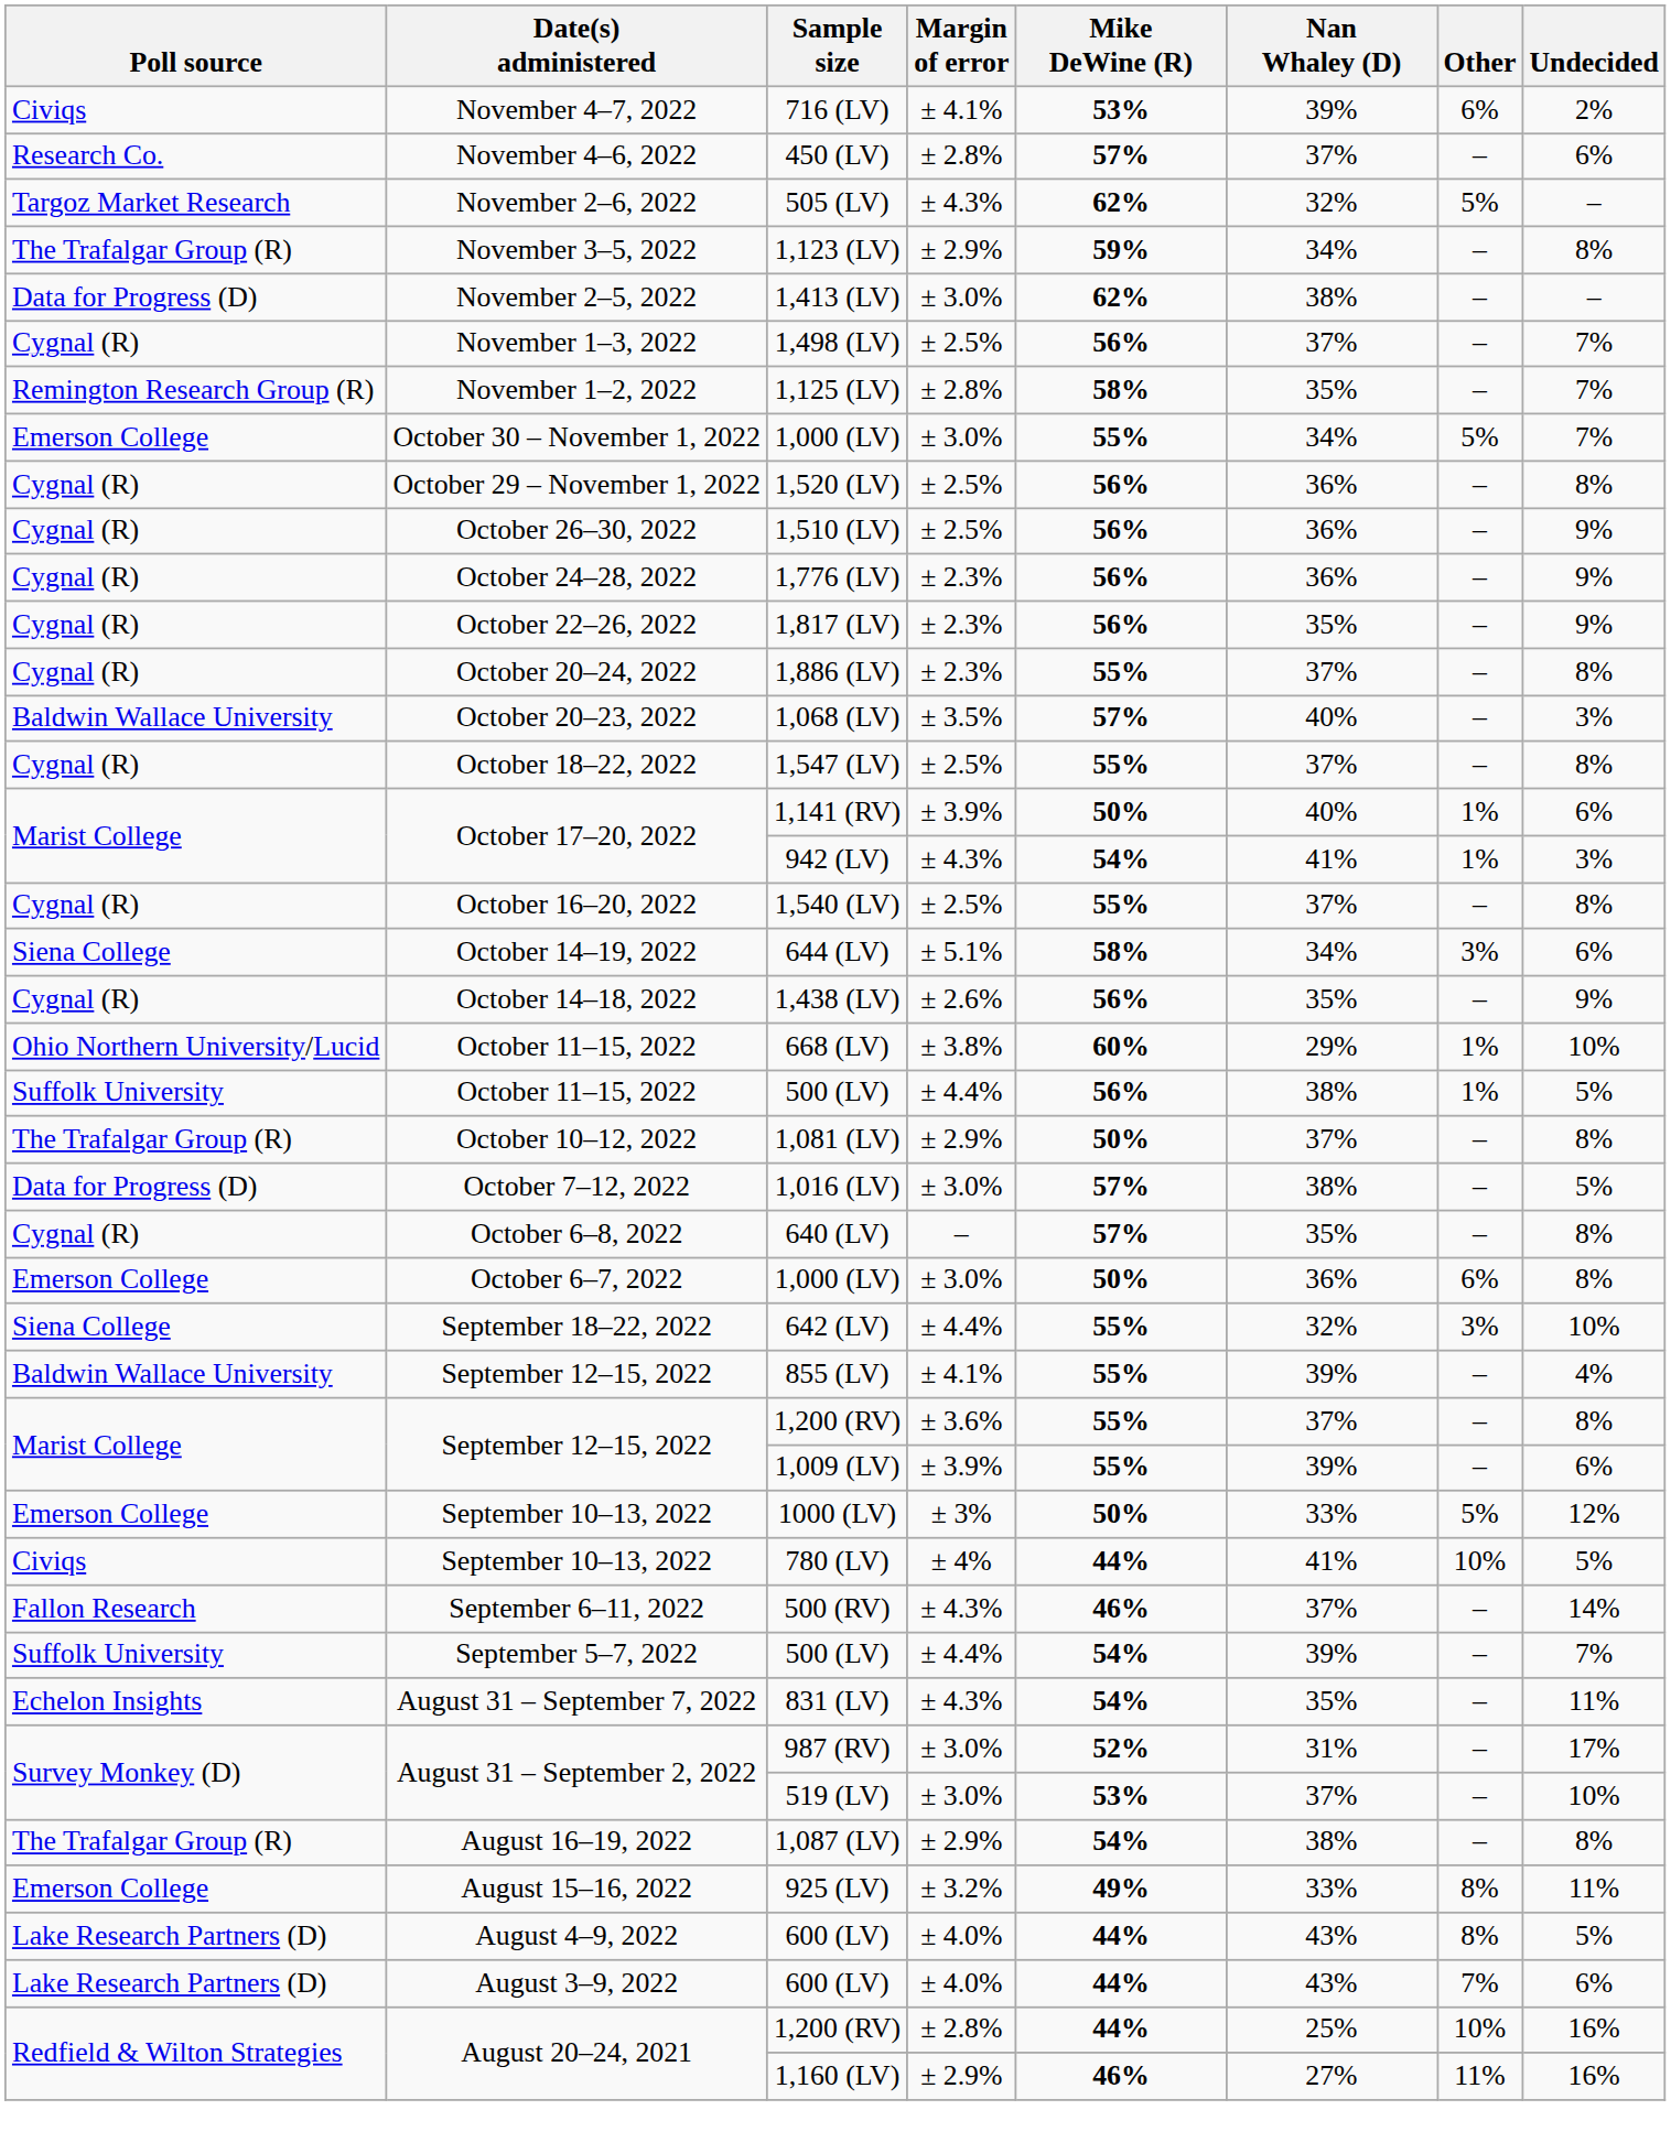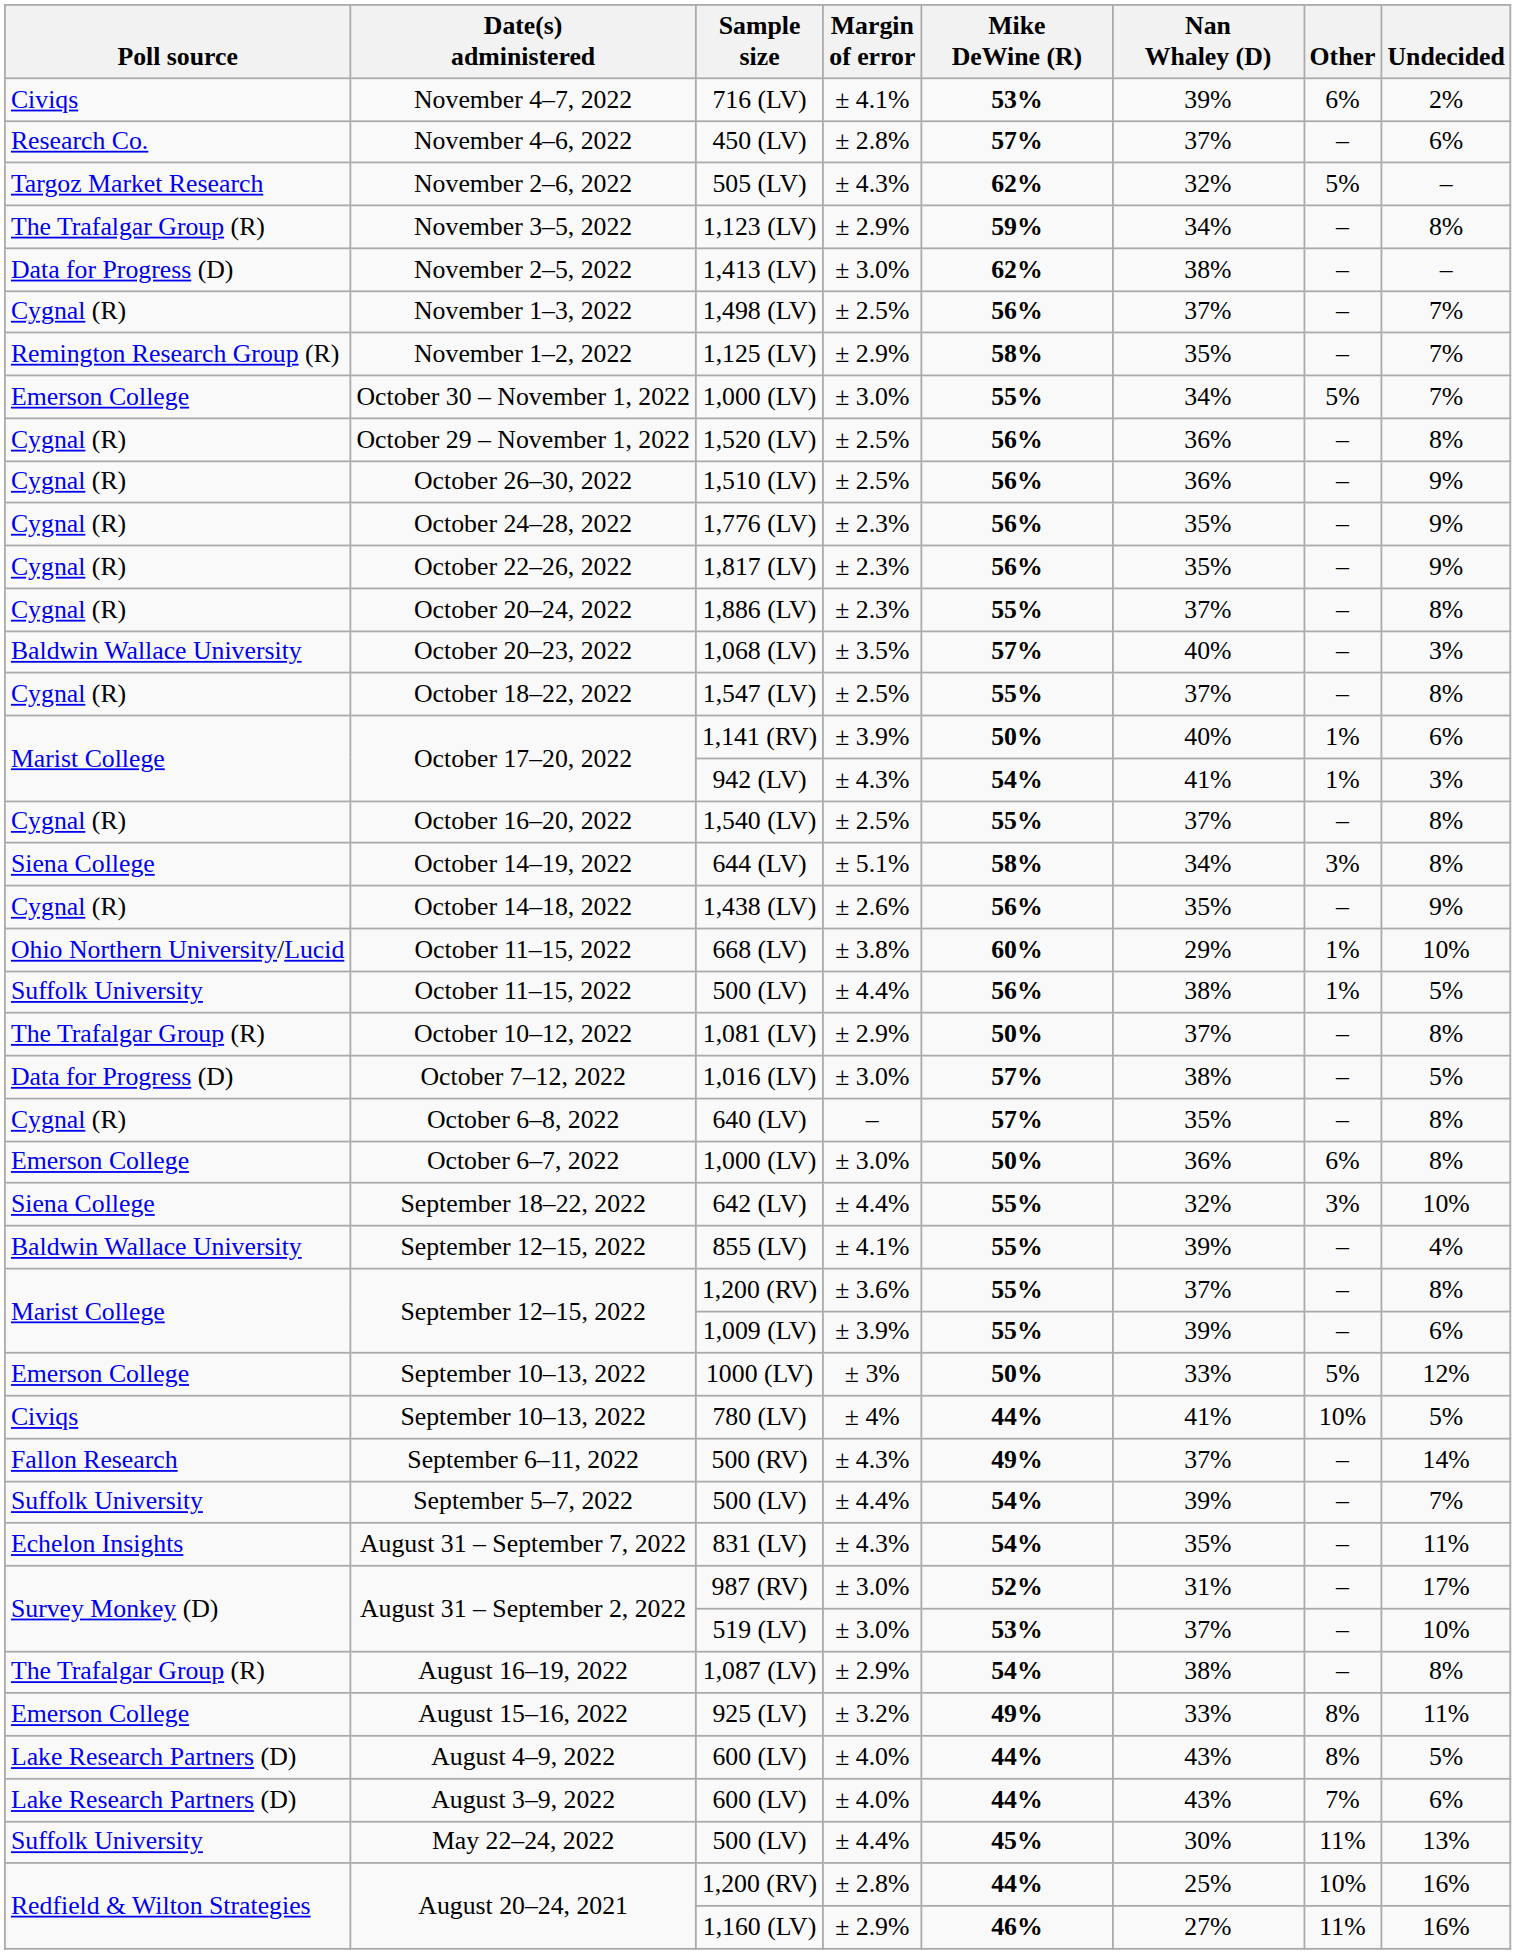 <table class="wikitable" style="font-size:90%;text-align:center;">
 <tr valign=bottom>
 <th>Poll source</th>
 <th>Date(s)<br>administered</th>
 <th>Sample<br>size</th>
 <th>Margin<br>of error</th>
 <th style="width:100px;">Mike<br>DeWine (R)</th>
 <th style="width:100px;">Nan<br>Whaley (D)</th>
 <th>Other</th>
 <th>Undecided</th>
 </tr>
 <tr>
 <td style="text-align:left;"><a href='#'>Civiqs</a></td>
 <td>November 4–7, 2022</td>
 <td>716 (LV)</td>
 <td>± 4.1%</td>
 <td><strong>53%</strong></td>
 <td>39%</td>
 <td>6%</td>
 <td>2%</td>
 </tr>
 <tr>
 <td style="text-align:left;"><a href='#'>Research Co.</a></td>
 <td>November 4–6, 2022</td>
 <td>450 (LV)</td>
 <td>± 2.8%</td>
 <td><strong>57%</strong></td>
 <td>37%</td>
 <td>–</td>
 <td>6%</td>
 </tr>
 <tr>
 <td style="text-align:left;"><a href='#'>Targoz Market Research</a></td>
 <td>November 2–6, 2022</td>
 <td>505 (LV)</td>
 <td>± 4.3%</td>
 <td><strong>62%</strong></td>
 <td>32%</td>
 <td>5%</td>
 <td>–</td>
 </tr>
 <tr>
 <td style="text-align:left;"><a href='#'>The Trafalgar Group</a> (R)</td>
 <td>November 3–5, 2022</td>
 <td>1,123 (LV)</td>
 <td>± 2.9%</td>
 <td><strong>59%</strong></td>
 <td>34%</td>
 <td>–</td>
 <td>8%</td>
 </tr>
 <tr>
 <td style="text-align:left;"><a href='#'>Data for Progress</a> (D)</td>
 <td>November 2–5, 2022</td>
 <td>1,413 (LV)</td>
 <td>± 3.0%</td>
 <td><strong>62%</strong></td>
 <td>38%</td>
 <td>–</td>
 <td>–</td>
 </tr>
 <tr>
 <td style="text-align:left;"><a href='#'>Cygnal</a> (R)</td>
 <td>November 1–3, 2022</td>
 <td>1,498 (LV)</td>
 <td>± 2.5%</td>
 <td><strong>56%</strong></td>
 <td>37%</td>
 <td>–</td>
 <td>7%</td>
 </tr>
 <tr>
 <td style="text-align:left;"><a href='#'>Remington Research Group</a> (R)</td>
 <td>November 1–2, 2022</td>
 <td>1,125 (LV)</td>
-<td>± 2.8%</td>
+<td>± 2.9%</td>
 <td><strong>58%</strong></td>
 <td>35%</td>
 <td>–</td>
 <td>7%</td>
 </tr>
 <tr>
 <td style="text-align:left;"><a href='#'>Emerson College</a></td>
 <td>October 30 – November 1, 2022</td>
 <td>1,000 (LV)</td>
 <td>± 3.0%</td>
 <td><strong>55%</strong></td>
 <td>34%</td>
 <td>5%</td>
 <td>7%</td>
 </tr>
 <tr>
 <td style="text-align:left;"><a href='#'>Cygnal</a> (R)</td>
 <td>October 29 – November 1, 2022</td>
 <td>1,520 (LV)</td>
 <td>± 2.5%</td>
 <td><strong>56%</strong></td>
 <td>36%</td>
 <td>–</td>
 <td>8%</td>
 </tr>
 <tr>
 <td style="text-align:left;"><a href='#'>Cygnal</a> (R)</td>
 <td>October 26–30, 2022</td>
 <td>1,510 (LV)</td>
 <td>± 2.5%</td>
 <td><strong>56%</strong></td>
 <td>36%</td>
 <td>–</td>
 <td>9%</td>
 </tr>
 <tr>
 <td style="text-align:left;"><a href='#'>Cygnal</a> (R)</td>
 <td>October 24–28, 2022</td>
 <td>1,776 (LV)</td>
 <td>± 2.3%</td>
 <td><strong>56%</strong></td>
-<td>36%</td>
+<td>35%</td>
 <td>–</td>
 <td>9%</td>
 </tr>
 <tr>
 <td style="text-align:left;"><a href='#'>Cygnal</a> (R)</td>
 <td>October 22–26, 2022</td>
 <td>1,817 (LV)</td>
 <td>± 2.3%</td>
 <td><strong>56%</strong></td>
 <td>35%</td>
 <td>–</td>
 <td>9%</td>
 </tr>
 <tr>
 <td style="text-align:left;"><a href='#'>Cygnal</a> (R)</td>
 <td>October 20–24, 2022</td>
 <td>1,886 (LV)</td>
 <td>± 2.3%</td>
 <td><strong>55%</strong></td>
 <td>37%</td>
 <td>–</td>
 <td>8%</td>
 </tr>
 <tr>
 <td style="text-align:left;"><a href='#'>Baldwin Wallace University</a></td>
 <td>October 20–23, 2022</td>
 <td>1,068 (LV)</td>
 <td>± 3.5%</td>
 <td><strong>57%</strong></td>
 <td>40%</td>
 <td>–</td>
 <td>3%</td>
 </tr>
 <tr>
 <td style="text-align:left;"><a href='#'>Cygnal</a> (R)</td>
 <td>October 18–22, 2022</td>
 <td>1,547 (LV)</td>
 <td>± 2.5%</td>
 <td><strong>55%</strong></td>
 <td>37%</td>
 <td>–</td>
 <td>8%</td>
 </tr>
 <tr>
 <td style="text-align:left;" rowspan="2"><a href='#'>Marist College</a></td>
 <td rowspan="2">October 17–20, 2022</td>
 <td>1,141 (RV)</td>
 <td>± 3.9%</td>
 <td><strong>50%</strong></td>
 <td>40%</td>
 <td>1%</td>
 <td>6%</td>
 </tr>
 <tr>
 <td>942 (LV)</td>
 <td>± 4.3%</td>
 <td><strong>54%</strong></td>
 <td>41%</td>
 <td>1%</td>
 <td>3%</td>
 </tr>
 <tr>
 <td style="text-align:left;"><a href='#'>Cygnal</a> (R)</td>
 <td>October 16–20, 2022</td>
 <td>1,540 (LV)</td>
 <td>± 2.5%</td>
 <td><strong>55%</strong></td>
 <td>37%</td>
 <td>–</td>
 <td>8%</td>
 </tr>
 <tr>
 <td style="text-align:left;"><a href='#'>Siena College</a></td>
 <td>October 14–19, 2022</td>
 <td>644 (LV)</td>
 <td>± 5.1%</td>
 <td><strong>58%</strong></td>
 <td>34%</td>
 <td>3%</td>
-<td>6%</td>
+<td>8%</td>
 </tr>
 <tr>
 <td style="text-align:left;"><a href='#'>Cygnal</a> (R)</td>
 <td>October 14–18, 2022</td>
 <td>1,438 (LV)</td>
 <td>± 2.6%</td>
 <td><strong>56%</strong></td>
 <td>35%</td>
 <td>–</td>
 <td>9%</td>
 </tr>
 <tr>
 <td style="text-align:left;"><a href='#'>Ohio Northern University</a>/<a href='#'>Lucid</a></td>
 <td>October 11–15, 2022</td>
 <td>668 (LV)</td>
 <td>± 3.8%</td>
 <td><strong>60%</strong></td>
 <td>29%</td>
 <td>1%</td>
 <td>10%</td>
 </tr>
 <tr>
 <td style="text-align:left;"><a href='#'>Suffolk University</a></td>
 <td>October 11–15, 2022</td>
 <td>500 (LV)</td>
 <td>± 4.4%</td>
 <td><strong>56%</strong></td>
 <td>38%</td>
 <td>1%</td>
 <td>5%</td>
 </tr>
 <tr>
 <td style="text-align:left;"><a href='#'>The Trafalgar Group</a> (R)</td>
 <td>October 10–12, 2022</td>
 <td>1,081 (LV)</td>
 <td>± 2.9%</td>
 <td><strong>50%</strong></td>
 <td>37%</td>
 <td>–</td>
 <td>8%</td>
 </tr>
 <tr>
 <td style="text-align:left;"><a href='#'>Data for Progress</a> (D)</td>
 <td>October 7–12, 2022</td>
 <td>1,016 (LV)</td>
 <td>± 3.0%</td>
 <td><strong>57%</strong></td>
 <td>38%</td>
 <td>–</td>
 <td>5%</td>
 </tr>
 <tr>
 <td style="text-align:left;"><a href='#'>Cygnal</a> (R)</td>
 <td>October 6–8, 2022</td>
 <td>640 (LV)</td>
 <td>–</td>
 <td><strong>57%</strong></td>
 <td>35%</td>
 <td>–</td>
 <td>8%</td>
 </tr>
 <tr>
 <td style="text-align:left;"><a href='#'>Emerson College</a></td>
 <td>October 6–7, 2022</td>
 <td>1,000 (LV)</td>
 <td>± 3.0%</td>
 <td><strong>50%</strong></td>
 <td>36%</td>
 <td>6%</td>
 <td>8%</td>
 </tr>
 <tr>
 <td style="text-align:left;"><a href='#'>Siena College</a></td>
 <td>September 18–22, 2022</td>
 <td>642 (LV)</td>
 <td>± 4.4%</td>
 <td><strong>55%</strong></td>
 <td>32%</td>
 <td>3%</td>
 <td>10%</td>
 </tr>
 <tr>
 <td style="text-align:left;"><a href='#'>Baldwin Wallace University</a></td>
 <td>September 12–15, 2022</td>
 <td>855 (LV)</td>
 <td>± 4.1%</td>
 <td><strong>55%</strong></td>
 <td>39%</td>
 <td>–</td>
 <td>4%</td>
 </tr>
 <tr>
 <td style="text-align:left;" rowspan="2"><a href='#'>Marist College</a></td>
 <td rowspan="2">September 12–15, 2022</td>
 <td>1,200 (RV)</td>
 <td>± 3.6%</td>
 <td><strong>55%</strong></td>
 <td>37%</td>
 <td>–</td>
 <td>8%</td>
 </tr>
 <tr>
 <td>1,009 (LV)</td>
 <td>± 3.9%</td>
 <td><strong>55%</strong></td>
 <td>39%</td>
 <td>–</td>
 <td>6%</td>
 </tr>
 <tr>
 <td style="text-align:left;"><a href='#'>Emerson College</a></td>
 <td>September 10–13, 2022</td>
 <td>1000 (LV)</td>
 <td>± 3%</td>
 <td><strong>50%</strong></td>
 <td>33%</td>
 <td>5%</td>
 <td>12%</td>
 </tr>
 <tr>
 <td style="text-align:left;"><a href='#'>Civiqs</a></td>
 <td>September 10–13, 2022</td>
 <td>780 (LV)</td>
 <td>± 4%</td>
 <td><strong>44%</strong></td>
 <td>41%</td>
 <td>10%</td>
 <td>5%</td>
 </tr>
 <tr>
 <td style="text-align:left;"><a href='#'>Fallon Research</a></td>
 <td>September 6–11, 2022</td>
 <td>500 (RV)</td>
 <td>± 4.3%</td>
-<td><strong>46%</strong></td>
+<td><strong>49%</strong></td>
 <td>37%</td>
 <td>–</td>
 <td>14%</td>
 </tr>
 <tr>
 <td style="text-align:left;"><a href='#'>Suffolk University</a></td>
 <td>September 5–7, 2022</td>
 <td>500 (LV)</td>
 <td>± 4.4%</td>
 <td><strong>54%</strong></td>
 <td>39%</td>
 <td>–</td>
 <td>7%</td>
 </tr>
 <tr>
 <td style="text-align:left;"><a href='#'>Echelon Insights</a></td>
 <td>August 31 – September 7, 2022</td>
 <td>831 (LV)</td>
 <td>± 4.3%</td>
 <td><strong>54%</strong></td>
 <td>35%</td>
 <td>–</td>
 <td>11%</td>
 </tr>
 <tr>
 <td style="text-align:left;" rowspan="2"><a href='#'>Survey Monkey</a> (D)</td>
 <td rowspan="2">August 31 – September 2, 2022</td>
 <td>987 (RV)</td>
 <td>± 3.0%</td>
 <td><strong>52%</strong></td>
 <td>31%</td>
 <td>–</td>
 <td>17%</td>
 </tr>
 <tr>
 <td>519 (LV)</td>
 <td>± 3.0%</td>
 <td><strong>53%</strong></td>
 <td>37%</td>
 <td>–</td>
 <td>10%</td>
 </tr>
 <tr>
 <td style="text-align:left;"><a href='#'>The Trafalgar Group</a> (R)</td>
 <td>August 16–19, 2022</td>
 <td>1,087 (LV)</td>
 <td>± 2.9%</td>
 <td><strong>54%</strong></td>
 <td>38%</td>
 <td>–</td>
 <td>8%</td>
 </tr>
 <tr>
 <td style="text-align:left;"><a href='#'>Emerson College</a></td>
 <td>August 15–16, 2022</td>
 <td>925 (LV)</td>
 <td>± 3.2%</td>
 <td><strong>49%</strong></td>
 <td>33%</td>
 <td>8%</td>
 <td>11%</td>
 </tr>
 <tr>
 <td style="text-align:left;"><a href='#'>Lake Research Partners</a> (D)</td>
 <td>August 4–9, 2022</td>
 <td>600 (LV)</td>
 <td>± 4.0%</td>
 <td><strong>44%</strong></td>
 <td>43%</td>
 <td>8%</td>
 <td>5%</td>
 </tr>
 <tr>
 <td style="text-align:left;"><a href='#'>Lake Research Partners</a> (D)</td>
 <td>August 3–9, 2022</td>
 <td>600 (LV)</td>
 <td>± 4.0%</td>
 <td><strong>44%</strong></td>
 <td>43%</td>
 <td>7%</td>
 <td>6%</td>
 </tr>
 <tr>
+<td style="text-align:left;"><a href='#'>Suffolk University</a></td>
+<td>May 22–24, 2022</td>
+<td>500 (LV)</td>
+<td>± 4.4%</td>
+<td><strong>45%</strong></td>
+<td>30%</td>
+<td>11%</td>
+<td>13%</td>
+</tr>
+<tr>
 <td style="text-align:left;" rowspan="2"><a href='#'>Redfield & Wilton Strategies</a></td>
 <td rowspan="2">August 20–24, 2021</td>
 <td>1,200 (RV)</td>
 <td>± 2.8%</td>
 <td><strong>44%</strong></td>
 <td>25%</td>
 <td>10%</td>
 <td>16%</td>
 </tr>
 <tr>
 <td>1,160 (LV)</td>
 <td>± 2.9%</td>
 <td><strong>46%</strong></td>
 <td>27%</td>
 <td>11%</td>
 <td>16%</td>
 </tr>
 </table>
